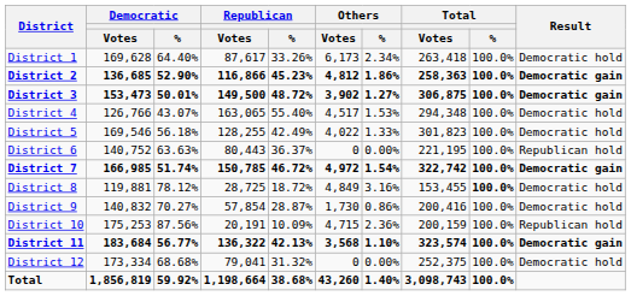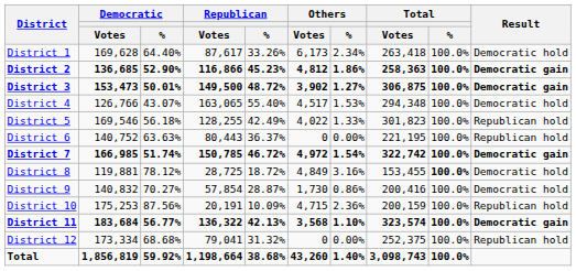 <table class="wikitable plainrowheaders sortable" style="font-size:100%; text-align:right;">
 <tr>
 <th scope=col rowspan=3><a href='#'>District</a></th>
 <th scope=col colspan=2><a href='#'>Democratic</a></th>
 <th scope=col colspan=2><a href='#'>Republican</a></th>
 <th scope=col colspan=2>Others</th>
 <th scope=col colspan=2>Total</th>
 <th scope=col rowspan=3>Result</th>
 </tr>
 <tr>
 <th scope=col colspan=2 style="background:"></th>
 <th scope=col colspan=2 style="background:"></th>
 <th scope=col colspan=2></th>
 <th scope=col colspan=2></th>
 </tr>
 <tr>
 <th scope=col data-sort-type="number">Votes</th>
 <th scope=col data-sort-type="number">%</th>
 <th scope=col data-sort-type="number">Votes</th>
 <th scope=col data-sort-type="number">%</th>
 <th scope=col data-sort-type="number">Votes</th>
 <th scope=col data-sort-type="number">%</th>
 <th scope=col data-sort-type="number">Votes</th>
 <th scope=col data-sort-type="number">%</th>
 </tr>
 <tr>
 <td align=left><a href='#'>District 1</a></td>
 <td>169,628</td>
 <td>64.40%</td>
 <td>87,617</td>
 <td>33.26%</td>
 <td>6,173</td>
 <td>2.34%</td>
 <td>263,418</td>
 <td>100.0%</td>
 <td align=left>Democratic hold</td>
 </tr>
 <tr>
 <td align=left><strong><a href='#'>District 2</a></strong></td>
 <td><strong>136,685</strong></td>
 <td><strong>52.90%</strong></td>
 <td><strong>116,866</strong></td>
 <td><strong>45.23%</strong></td>
 <td><strong>4,812</strong></td>
 <td><strong>1.86%</strong></td>
 <td><strong>258,363</strong></td>
 <td><strong>100.0%</strong></td>
 <td align=left><strong>Democratic gain</strong></td>
 </tr>
 <tr>
 <td align=left><strong><a href='#'>District 3</a></strong></td>
 <td><strong>153,473</strong></td>
 <td><strong>50.01%</strong></td>
 <td><strong>149,500</strong></td>
 <td><strong>48.72%</strong></td>
 <td><strong>3,902</strong></td>
 <td><strong>1.27%</strong></td>
 <td><strong>306,875</strong></td>
 <td><strong>100.0%</strong></td>
 <td align=left><strong>Democratic gain</strong></td>
 </tr>
 <tr>
 <td align=left><a href='#'>District 4</a></td>
 <td>126,766</td>
 <td>43.07%</td>
 <td>163,065</td>
 <td>55.40%</td>
 <td>4,517</td>
 <td>1.53%</td>
 <td>294,348</td>
 <td>100.0%</td>
 <td align=left>Democratic hold</td>
 </tr>
 <tr>
 <td align=left><a href='#'>District 5</a></td>
 <td>169,546</td>
 <td>56.18%</td>
 <td>128,255</td>
 <td>42.49%</td>
 <td>4,022</td>
 <td>1.33%</td>
 <td>301,823</td>
 <td>100.0%</td>
-<td align=left>Democratic hold</td>
+<td align=left>Republican hold</td>
 </tr>
 <tr>
 <td align=left><a href='#'>District 6</a></td>
 <td>140,752</td>
 <td>63.63%</td>
 <td>80,443</td>
 <td>36.37%</td>
 <td>0</td>
 <td>0.00%</td>
 <td>221,195</td>
 <td>100.0%</td>
 <td align=left>Republican hold</td>
 </tr>
 <tr>
 <td align=left><strong><a href='#'>District 7</a></strong></td>
 <td><strong>166,985</strong></td>
 <td><strong>51.74%</strong></td>
 <td><strong>150,785</strong></td>
 <td><strong>46.72%</strong></td>
 <td><strong>4,972</strong></td>
 <td><strong>1.54%</strong></td>
 <td><strong>322,742</strong></td>
 <td><strong>100.0%</strong></td>
 <td align=left><strong>Democratic gain</strong></td>
 </tr>
 <tr>
 <td align=left><a href='#'>District 8</a></td>
 <td>119,881</td>
 <td>78.12%</td>
 <td>28,725</td>
 <td>18.72%</td>
 <td>4,849</td>
 <td>3.16%</td>
 <td>153,455</td>
 <td><strong>100.0%</strong></td>
 <td align=left>Democratic hold</td>
 </tr>
 <tr>
 <td align=left><a href='#'>District 9</a></td>
 <td>140,832</td>
 <td>70.27%</td>
 <td>57,854</td>
 <td>28.87%</td>
 <td>1,730</td>
 <td>0.86%</td>
 <td>200,416</td>
 <td>100.0%</td>
 <td align=left>Democratic hold</td>
 </tr>
 <tr>
 <td align=left><a href='#'>District 10</a></td>
 <td>175,253</td>
 <td>87.56%</td>
 <td>20,191</td>
 <td>10.09%</td>
 <td>4,715</td>
 <td>2.36%</td>
 <td>200,159</td>
 <td>100.0%</td>
 <td align=left>Republican hold</td>
 </tr>
 <tr>
 <td align=left><strong><a href='#'>District 11</a></strong></td>
 <td><strong>183,684</strong></td>
 <td><strong>56.77%</strong></td>
 <td><strong>136,322</strong></td>
 <td><strong>42.13%</strong></td>
 <td><strong>3,568</strong></td>
 <td><strong>1.10%</strong></td>
 <td><strong>323,574</strong></td>
 <td><strong>100.0%</strong></td>
 <td align=left><strong>Democratic gain</strong></td>
 </tr>
 <tr>
 <td align=left><a href='#'>District 12</a></td>
 <td>173,334</td>
 <td>68.68%</td>
 <td>79,041</td>
 <td>31.32%</td>
 <td>0</td>
 <td>0.00%</td>
 <td>252,375</td>
 <td>100.0%</td>
-<td align=left>Democratic hold</td>
+<td align=left>Republican hold</td>
 </tr>
 <tr class="sortbottom" style="font-weight:bold">
 <td align=left>Total</td>
 <td>1,856,819</td>
 <td>59.92%</td>
 <td>1,198,664</td>
 <td>38.68%</td>
 <td>43,260</td>
 <td>1.40%</td>
 <td>3,098,743</td>
 <td>100.0%</td>
 <td></td>
 </tr>
 </table>
